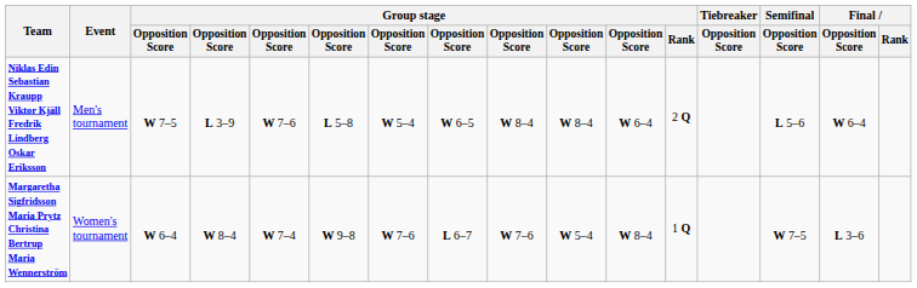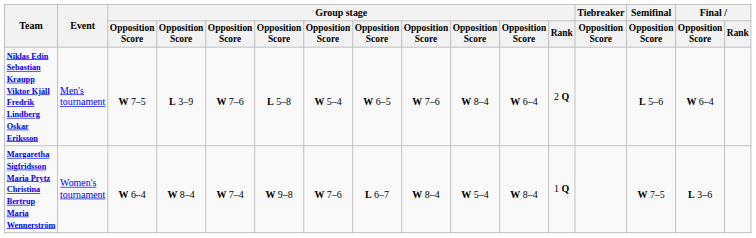 <table class="wikitable" style="font-size:90%">
 <tr>
 <th rowspan=2>Team</th>
 <th rowspan=2>Event</th>
 <th colspan=10>Group stage</th>
 <th>Tiebreaker</th>
 <th>Semifinal</th>
 <th colspan=2>Final / </th>
 </tr>
 <tr style="font-size:95%">
 <th>Opposition<br>Score</th>
 <th>Opposition<br>Score</th>
 <th>Opposition<br>Score</th>
 <th>Opposition<br>Score</th>
 <th>Opposition<br>Score</th>
 <th>Opposition<br>Score</th>
 <th>Opposition<br>Score</th>
 <th>Opposition<br>Score</th>
 <th>Opposition<br>Score</th>
 <th>Rank</th>
 <th>Opposition<br>Score</th>
 <th>Opposition<br>Score</th>
 <th>Opposition<br>Score</th>
 <th>Rank</th>
 </tr>
 <tr align=center>
 <td align=left><strong><small><a href='#'>Niklas Edin</a><br><a href='#'>Sebastian Kraupp</a><br><a href='#'>Viktor Kjäll</a><br><a href='#'>Fredrik Lindberg</a><br><a href='#'>Oskar Eriksson</a></small></strong></td>
 <td align=left><a href='#'>Men's tournament</a></td>
 <td><br> <strong>W</strong> 7–5</td>
 <td><br> <strong>L</strong> 3–9</td>
 <td><br> <strong>W</strong> 7–6</td>
 <td><br> <strong>L</strong> 5–8</td>
 <td><br> <strong>W</strong> 5–4</td>
 <td><br> <strong>W</strong> 6–5</td>
-<td><br> <strong>W</strong> 8–4</td>
+<td><br> <strong>W</strong> 7–6</td>
 <td><br> <strong>W</strong> 8–4</td>
 <td><br> <strong>W</strong> 6–4</td>
 <td>2 <strong>Q</strong></td>
 <td></td>
 <td><br> <strong>L</strong> 5–6</td>
 <td><br> <strong>W</strong> 6–4</td>
 <td></td>
 </tr>
 <tr align=center>
 <td align=left><strong><small><a href='#'>Margaretha Sigfridsson</a><br><a href='#'>Maria Prytz</a><br><a href='#'>Christina Bertrup</a><br><a href='#'>Maria Wennerström</a><br></small></strong></td>
 <td align=left><a href='#'>Women's tournament</a></td>
 <td><br> <strong>W</strong> 6–4</td>
 <td><br> <strong>W</strong> 8–4</td>
 <td><br> <strong>W</strong> 7–4</td>
 <td><br> <strong>W</strong> 9–8</td>
 <td><br> <strong>W</strong> 7–6</td>
 <td><br> <strong>L</strong> 6–7</td>
-<td><br> <strong>W</strong> 7–6</td>
+<td><br> <strong>W</strong> 8–4</td>
 <td><br> <strong>W</strong> 5–4</td>
 <td><br> <strong>W</strong> 8–4</td>
 <td>1 <strong>Q</strong></td>
 <td></td>
 <td><br> <strong>W</strong> 7–5</td>
 <td><br> <strong>L</strong> 3–6</td>
 <td></td>
 </tr>
 </table>
